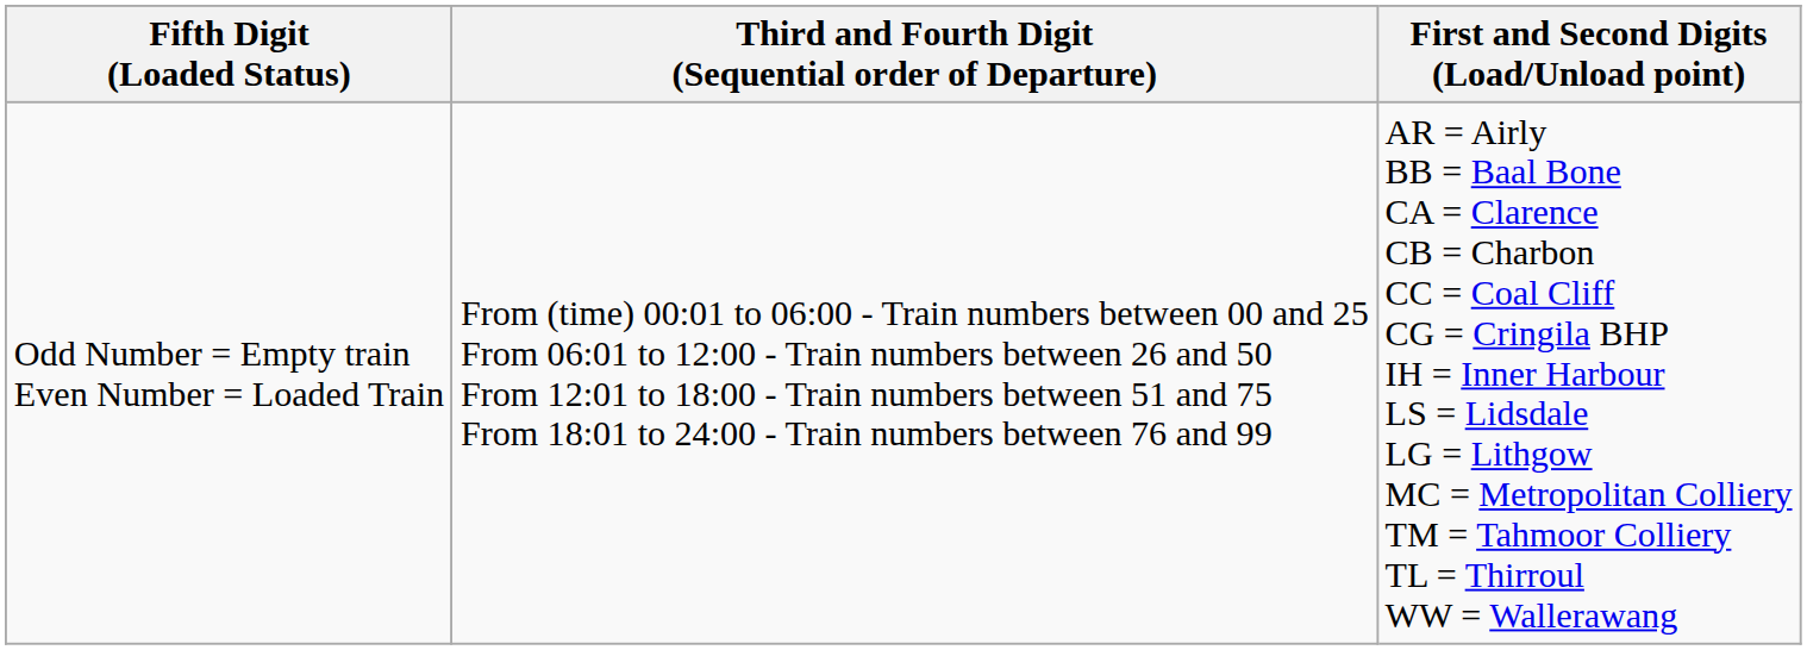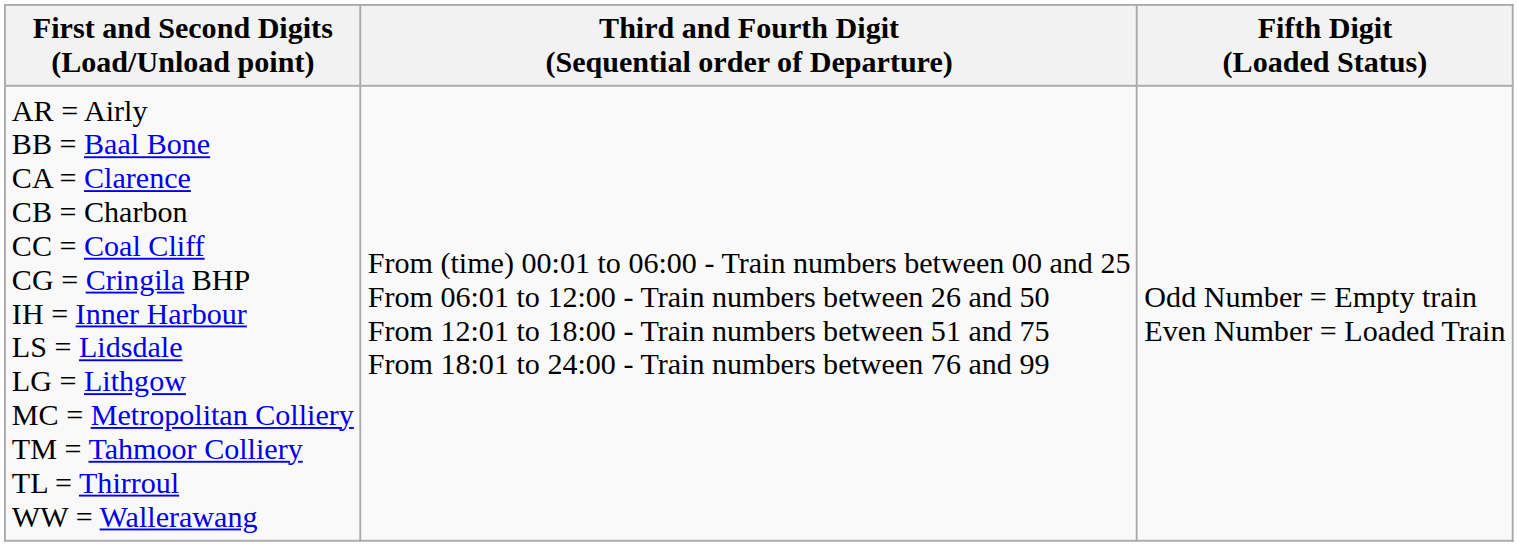 <table class="wikitable">
 <tr>
+<th>First and Second Digits<br>(Load/Unload point)</th>
+<th>Third and Fourth Digit<br>(Sequential order of Departure)</th>
 <th>Fifth Digit<br>(Loaded Status)</th>
-<th>Third and Fourth Digit<br>(Sequential order of Departure)</th>
-<th>First and Second Digits<br>(Load/Unload point)</th>
 </tr>
 <tr>
+<td>AR = Airly<br>BB = <a href='#'>Baal Bone</a><br>CA = <a href='#'>Clarence</a><br>CB = Charbon<br>CC = <a href='#'>Coal Cliff</a><br>CG = <a href='#'>Cringila</a> BHP<br>IH = <a href='#'>Inner Harbour</a><br>LS = <a href='#'>Lidsdale</a><br>LG = <a href='#'>Lithgow</a><br>MC = <a href='#'>Metropolitan Colliery</a><br>TM = <a href='#'>Tahmoor Colliery</a><br>TL = <a href='#'>Thirroul</a><br>WW = <a href='#'>Wallerawang</a><br></td>
+<td>From (time) 00:01 to 06:00 - Train numbers between 00 and 25<br>From 06:01 to 12:00 - Train numbers between 26 and 50<br> From 12:01 to 18:00 - Train numbers between 51 and 75<br>From 18:01 to 24:00 - Train numbers between 76 and 99<br></td>
 <td>Odd Number = Empty train<br>Even Number = Loaded Train</td>
-<td>From (time) 00:01 to 06:00 - Train numbers between 00 and 25<br>From 06:01 to 12:00 - Train numbers between 26 and 50<br> From 12:01 to 18:00 - Train numbers between 51 and 75<br>From 18:01 to 24:00 - Train numbers between 76 and 99<br></td>
-<td>AR = Airly<br>BB = <a href='#'>Baal Bone</a><br>CA = <a href='#'>Clarence</a><br>CB = Charbon<br>CC = <a href='#'>Coal Cliff</a><br>CG = <a href='#'>Cringila</a> BHP<br>IH = <a href='#'>Inner Harbour</a><br>LS = <a href='#'>Lidsdale</a><br>LG = <a href='#'>Lithgow</a><br>MC = <a href='#'>Metropolitan Colliery</a><br>TM = <a href='#'>Tahmoor Colliery</a><br>TL = <a href='#'>Thirroul</a><br>WW = <a href='#'>Wallerawang</a><br></td>
 </tr>
 </table>
